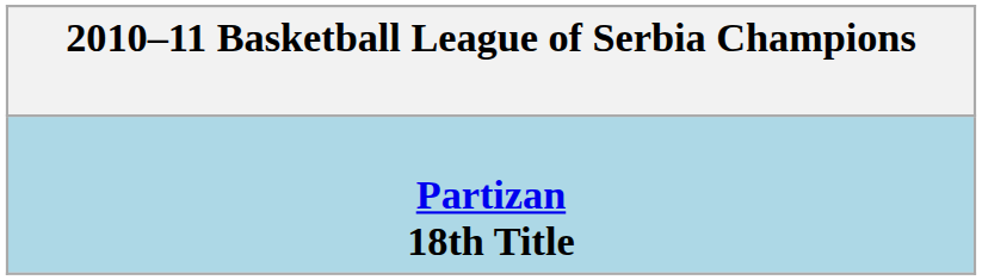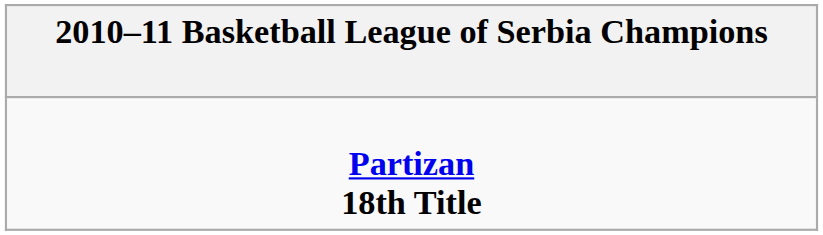 <table class="wikitable" style="margin: 0 auto; width: 30%;">
 <tr>
 <th>2010–11 Basketball League of Serbia Champions<br><br></th>
 </tr>
 <tr>
-<td align=center style="background: lightblue;"><br><strong><a href='#'>Partizan</a></strong><br><strong>18th Title</strong></td>
+<td align=center><br><strong><a href='#'>Partizan</a></strong><br><strong>18th Title</strong></td>
 </tr>
 </table>
